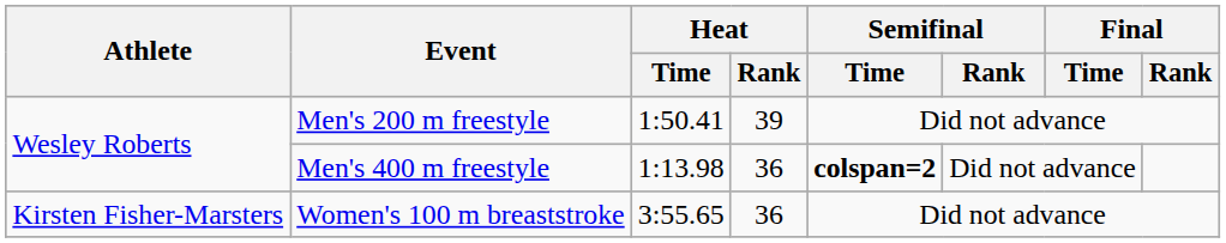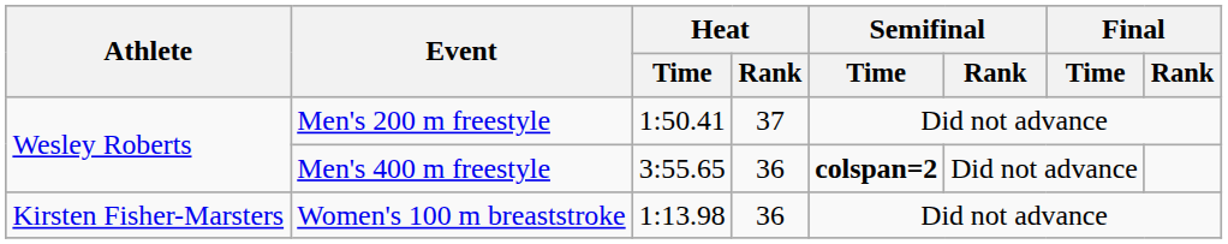 <table class=wikitable style="font-size:90%">
 <tr>
 <th rowspan="2">Athlete</th>
 <th rowspan="2">Event</th>
 <th colspan="2">Heat</th>
 <th colspan="2">Semifinal</th>
 <th colspan="2">Final</th>
 </tr>
 <tr style="font-size:95%">
 <th>Time</th>
 <th>Rank</th>
 <th>Time</th>
 <th>Rank</th>
 <th>Time</th>
 <th>Rank</th>
 </tr>
 <tr align=center>
 <td align=left rowspan=2><a href='#'>Wesley Roberts</a></td>
 <td align=left><a href='#'>Men's 200 m freestyle</a></td>
 <td>1:50.41</td>
-<td>39</td>
+<td>37</td>
 <td colspan=4>Did not advance</td>
 </tr>
 <tr align=center>
 <td align=left><a href='#'>Men's 400 m freestyle</a></td>
-<td>1:13.98</td>
+<td>3:55.65</td>
 <td>36</td>
 <td><strong>colspan=2 </strong></td>
 <td colspan="2">Did not advance</td>
 </tr>
 <tr align=center>
 <td align=left><a href='#'>Kirsten Fisher-Marsters</a></td>
 <td align=left><a href='#'>Women's 100 m breaststroke</a></td>
-<td>3:55.65</td>
+<td>1:13.98</td>
 <td>36</td>
 <td colspan=4>Did not advance</td>
 </tr>
 </table>
